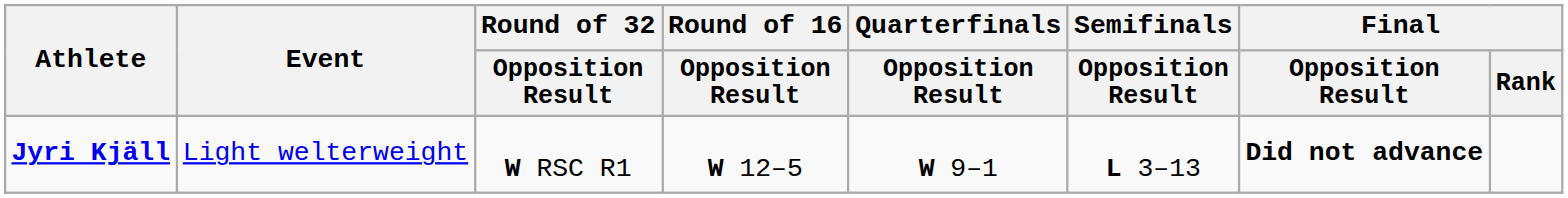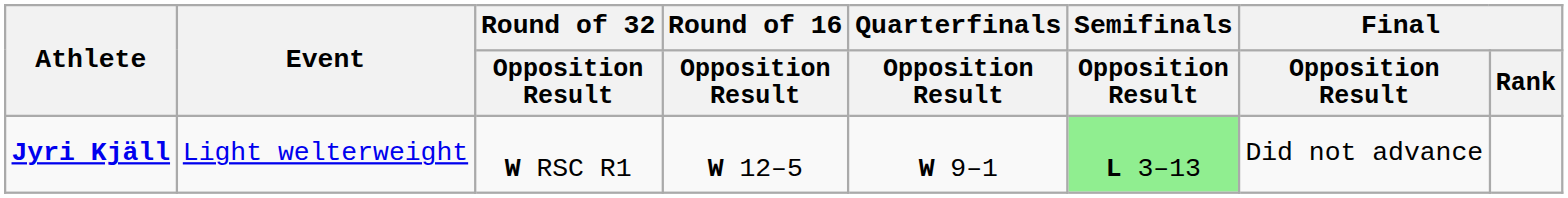 <table class="wikitable" style="font-size:90%">
 <tr>
 <th rowspan="2">Athlete</th>
 <th rowspan="2">Event</th>
 <th>Round of 32</th>
 <th>Round of 16</th>
 <th>Quarterfinals</th>
 <th>Semifinals</th>
 <th colspan=2>Final</th>
 </tr>
 <tr style="font-size:95%">
 <th>Opposition<br>Result</th>
 <th>Opposition<br>Result</th>
 <th>Opposition<br>Result</th>
 <th>Opposition<br>Result</th>
 <th>Opposition<br>Result</th>
 <th>Rank</th>
 </tr>
 <tr align=center>
 <td align=left><strong><a href='#'>Jyri Kjäll</a></strong></td>
 <td align=left><a href='#'>Light welterweight</a></td>
 <td><br><strong>W</strong> RSC R1</td>
 <td><br><strong>W</strong> 12–5</td>
 <td><br><strong>W</strong> 9–1</td>
-<td><br><strong>L</strong> 3–13</td>
-<td><strong>Did not advance</strong></td>
+<td style="background: lightgreen;"><br><strong>L</strong> 3–13</td>
+<td>Did not advance</td>
 <td></td>
 </tr>
 </table>
